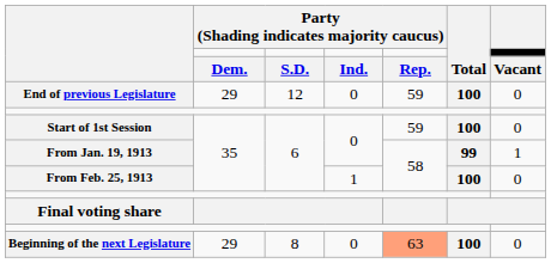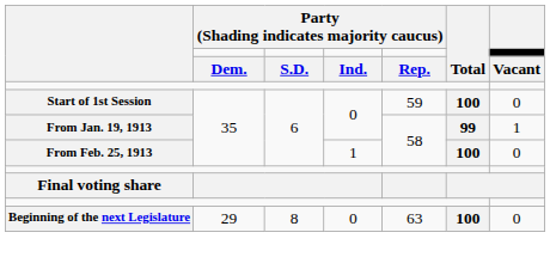 <table class=wikitable style="text-align:center">
 <tr style="vertical-align:bottom;">
 <th rowspan=3></th>
 <th colspan=4>Party <div>(Shading indicates majority caucus)</div></th>
 <th rowspan=3>Total</th>
 <th></th>
 </tr>
 <tr style="height:5px">
 <td style="background-color:"></td>
 <td style="background-color:"></td>
 <td style="background-color:"></td>
 <td style="background-color:"></td>
 <td style="background:black;"></td>
 </tr>
 <tr>
 <th><a href='#'>Dem.</a></th>
 <th><a href='#'>S.D.</a></th>
 <th><a href='#'>Ind.</a></th>
 <th><a href='#'>Rep.</a></th>
 <th>Vacant</th>
-</tr>
-<tr>
-<th style="font-size:80%;">End of <a href='#'>previous Legislature</a></th>
-<td>29</td>
-<td>12</td>
-<td>0</td>
-<td>59</td>
-<th>100</th>
-<td>0</td>
 </tr>
 <tr>
 <td colspan=6></td>
 </tr>
 <tr>
 <th style="font-size:80%;">Start of 1st Session</th>
 <td rowspan="3">35</td>
 <td rowspan="3">6</td>
 <td rowspan="2">0</td>
 <td>59</td>
 <th>100</th>
 <td>0</td>
 </tr>
 <tr>
 <th style="font-size:80%;">From Jan. 19, 1913</th>
 <td rowspan="2" >58</td>
 <th>99</th>
 <td>1</td>
 </tr>
 <tr>
 <th style="font-size:80%;">From Feb. 25, 1913</th>
 <td>1</td>
 <th>100</th>
 <td>0</td>
 </tr>
 <tr>
 <td colspan=6></td>
 </tr>
 <tr>
 <th>Final voting share</th>
 <th colspan=3></th>
 <th></th>
 <th colspan=2></th>
 </tr>
 <tr>
 <td colspan=6></td>
 </tr>
 <tr>
 <th style="font-size:80%;">Beginning of the <a href='#'>next Legislature</a></th>
 <td>29</td>
 <td>8</td>
 <td>0</td>
-<td style="background: lightsalmon;">63</td>
+<td>63</td>
 <th>100</th>
 <td>0</td>
 </tr>
 </table>
